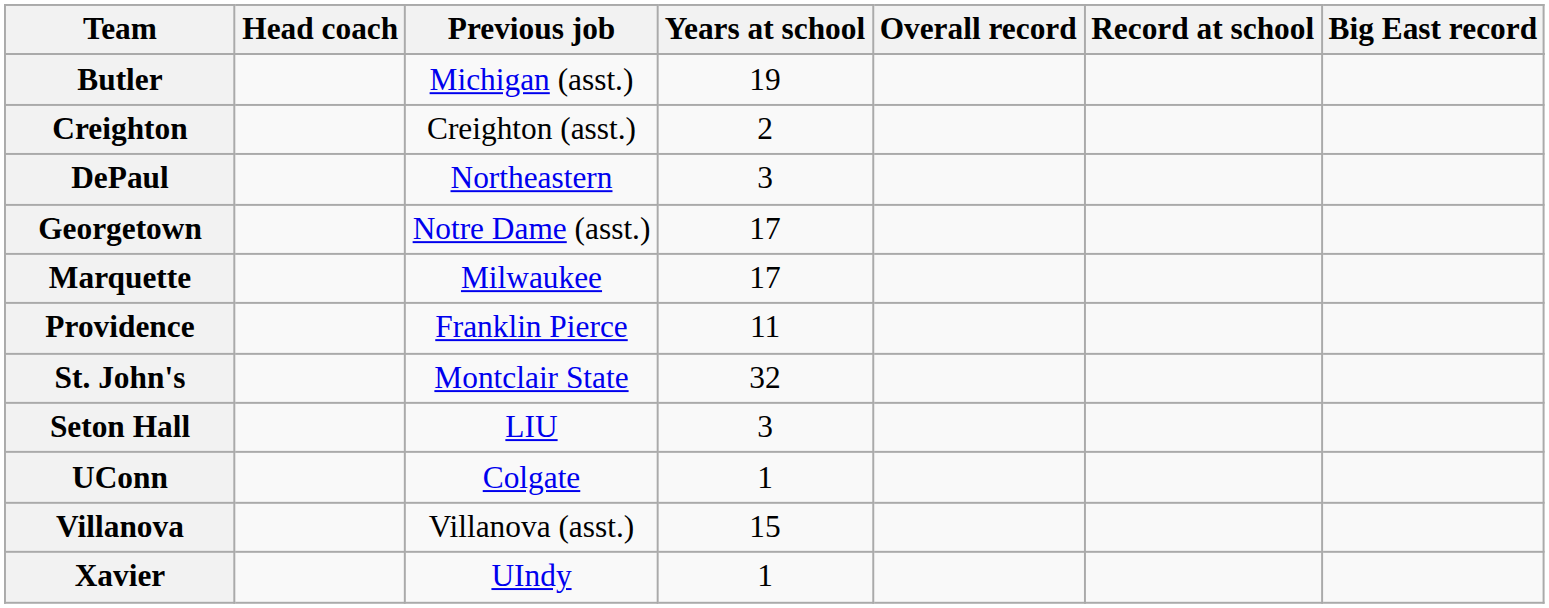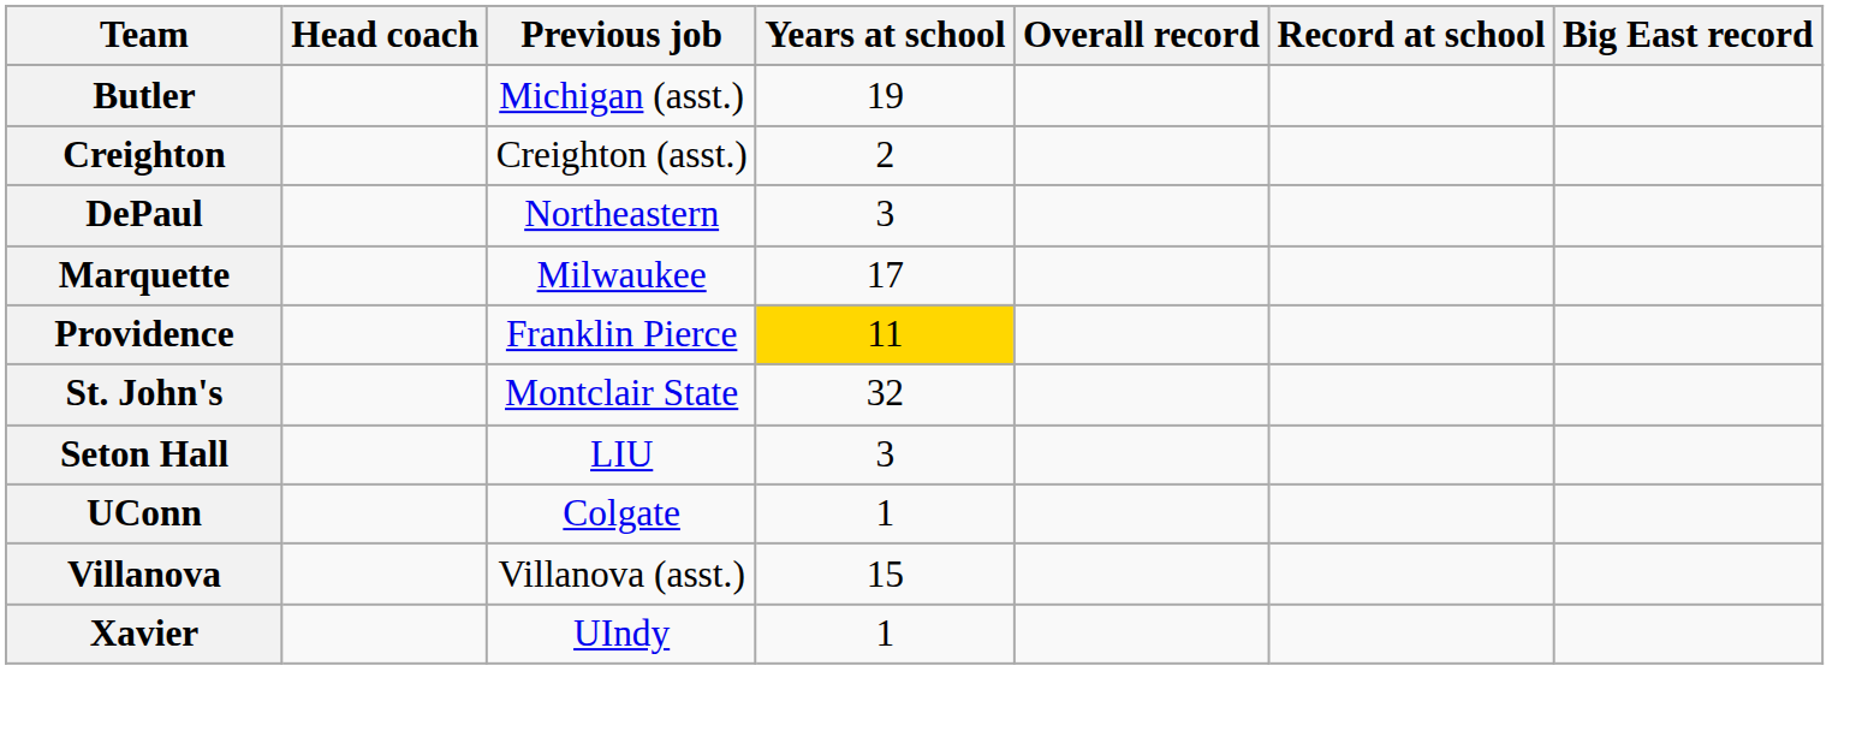 <table class="wikitable sortable" style="text-align: center;">
 <tr>
 <th style="width:110px;">Team</th>
 <th>Head coach</th>
 <th>Previous job</th>
 <th>Years at school</th>
 <th>Overall record</th>
 <th>Record at school</th>
 <th>Big East record</th>
 </tr>
 <tr>
 </tr>
 <tr>
 <th>Butler</th>
 <td></td>
 <td><a href='#'>Michigan</a> (asst.)</td>
 <td>19</td>
 <td></td>
 <td></td>
 <td></td>
 </tr>
 <tr>
 <th>Creighton</th>
 <td></td>
 <td>Creighton (asst.)</td>
 <td>2</td>
 <td></td>
 <td></td>
 <td></td>
 </tr>
 <tr>
 <th>DePaul</th>
 <td></td>
 <td><a href='#'>Northeastern</a></td>
 <td>3</td>
 <td></td>
 <td></td>
 <td></td>
 </tr>
 <tr>
-<th>Georgetown</th>
-<td></td>
-<td><a href='#'>Notre Dame</a> (asst.)</td>
-<td>17</td>
-<td></td>
-<td></td>
-<td></td>
-</tr>
-<tr>
 <th>Marquette</th>
 <td></td>
 <td><a href='#'>Milwaukee</a></td>
 <td>17</td>
 <td></td>
 <td></td>
 <td></td>
 </tr>
 <tr>
 <th>Providence</th>
 <td></td>
 <td><a href='#'>Franklin Pierce</a></td>
-<td>11</td>
+<td style="background: gold;">11</td>
 <td></td>
 <td></td>
 <td></td>
 </tr>
 <tr>
 <th>St. John's</th>
 <td></td>
 <td><a href='#'>Montclair State</a></td>
 <td>32</td>
 <td></td>
 <td></td>
 <td></td>
 </tr>
 <tr>
 <th>Seton Hall</th>
 <td></td>
 <td><a href='#'>LIU</a></td>
 <td>3</td>
 <td></td>
 <td></td>
 <td></td>
 </tr>
 <tr>
 <th>UConn</th>
 <td></td>
 <td><a href='#'>Colgate</a></td>
 <td>1</td>
 <td></td>
 <td></td>
 <td></td>
 </tr>
 <tr>
 <th>Villanova</th>
 <td></td>
 <td>Villanova (asst.)</td>
 <td>15</td>
 <td></td>
 <td></td>
 <td></td>
 </tr>
 <tr>
 <th>Xavier</th>
 <td></td>
 <td><a href='#'>UIndy</a></td>
 <td>1</td>
 <td></td>
 <td></td>
 <td></td>
 </tr>
 </table>
